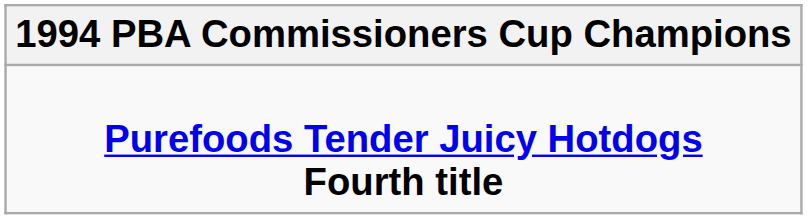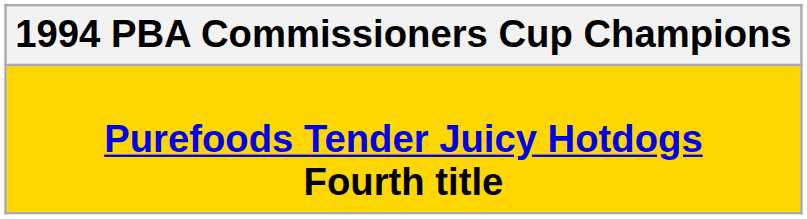 <table class=wikitable style="text-align:center; margin:auto">
 <tr>
 <th>1994 PBA Commissioners Cup Champions</th>
 </tr>
 <tr>
-<td><br> <strong><a href='#'>Purefoods Tender Juicy Hotdogs</a></strong> <br> <strong>Fourth title</strong></td>
+<td style="background: gold;"><br> <strong><a href='#'>Purefoods Tender Juicy Hotdogs</a></strong> <br> <strong>Fourth title</strong></td>
 </tr>
 </table>
